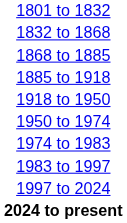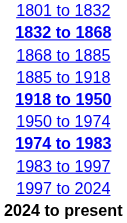 <table id="toc" style="float:right; margin-left:1em">
 <tr>
 <td style="text-align:center"><a href='#'>1801 to 1832</a></td>
 </tr>
 <tr>
-<td style="text-align:center"><a href='#'>1832 to 1868</a></td>
+<td style="text-align:center"><strong><a href='#'>1832 to 1868</a></strong></td>
 </tr>
 <tr>
 <td style="text-align:center"><a href='#'>1868 to 1885</a></td>
 </tr>
 <tr>
 <td style="text-align:center"><a href='#'>1885 to 1918</a></td>
 </tr>
 <tr>
-<td style="text-align:center"><a href='#'>1918 to 1950</a></td>
+<td style="text-align:center"><strong><a href='#'>1918 to 1950</a></strong></td>
 </tr>
 <tr>
 <td style="text-align:center"><a href='#'>1950 to 1974</a></td>
 </tr>
 <tr>
-<td style="text-align:center"><a href='#'>1974 to 1983</a></td>
+<td style="text-align:center"><strong><a href='#'>1974 to 1983</a></strong></td>
 </tr>
 <tr>
 <td style="text-align:center"><a href='#'>1983 to 1997</a></td>
 </tr>
 <tr>
 <td style="text-align:center; padding-left:5px; padding-right:5px;"><a href='#'>1997 to 2024</a></td>
 </tr>
 <tr>
 <td style="text-align:center;"><strong>2024 to present</strong></td>
 </tr>
 </table>
